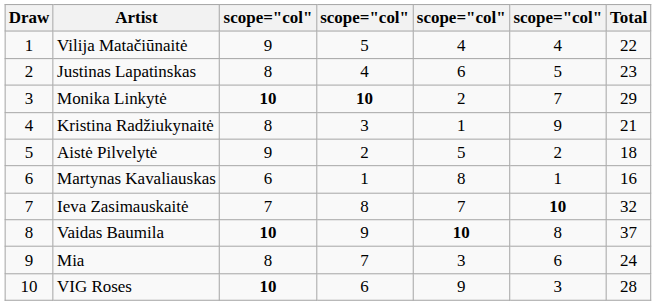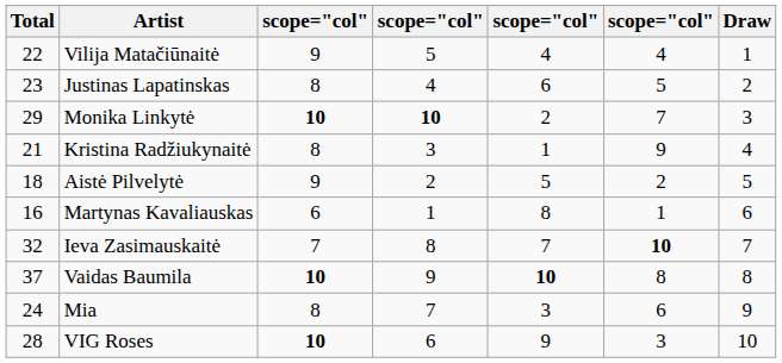 <table class="wikitable collapsible" style="margin: 1em auto 1em auto; text-align:center;">
 <tr>
-<th>Draw</th>
+<th>Total</th>
 <th>Artist</th>
 <th>scope="col" </th>
 <th>scope="col" </th>
 <th>scope="col" </th>
 <th>scope="col" </th>
-<th>Total</th>
+<th>Draw</th>
 </tr>
 <tr>
-<td>1</td>
+<td>22</td>
 <td align="left">Vilija Matačiūnaitė</td>
 <td>9</td>
 <td>5</td>
 <td>4</td>
 <td>4</td>
-<td>22</td>
+<td>1</td>
 </tr>
 <tr>
-<td>2</td>
+<td>23</td>
 <td align="left">Justinas Lapatinskas</td>
 <td>8</td>
 <td>4</td>
 <td>6</td>
 <td>5</td>
-<td>23</td>
+<td>2</td>
 </tr>
 <tr>
-<td>3</td>
+<td>29</td>
 <td align="left">Monika Linkytė</td>
 <td><strong>10</strong></td>
 <td><strong>10</strong></td>
 <td>2</td>
 <td>7</td>
-<td>29</td>
+<td>3</td>
 </tr>
 <tr>
-<td>4</td>
+<td>21</td>
 <td align="left">Kristina Radžiukynaitė</td>
 <td>8</td>
 <td>3</td>
 <td>1</td>
 <td>9</td>
-<td>21</td>
+<td>4</td>
 </tr>
 <tr>
-<td>5</td>
+<td>18</td>
 <td align="left">Aistė Pilvelytė</td>
 <td>9</td>
 <td>2</td>
 <td>5</td>
 <td>2</td>
-<td>18</td>
+<td>5</td>
 </tr>
 <tr>
-<td>6</td>
+<td>16</td>
 <td align="left">Martynas Kavaliauskas</td>
 <td>6</td>
 <td>1</td>
 <td>8</td>
 <td>1</td>
-<td>16</td>
+<td>6</td>
 </tr>
 <tr>
-<td>7</td>
+<td>32</td>
 <td align="left">Ieva Zasimauskaitė</td>
 <td>7</td>
 <td>8</td>
 <td>7</td>
 <td><strong>10</strong></td>
-<td>32</td>
+<td>7</td>
 </tr>
 <tr>
-<td>8</td>
+<td>37</td>
 <td align="left">Vaidas Baumila</td>
 <td><strong>10</strong></td>
 <td>9</td>
 <td><strong>10</strong></td>
 <td>8</td>
-<td>37</td>
+<td>8</td>
 </tr>
 <tr>
-<td>9</td>
+<td>24</td>
 <td align="left">Mia</td>
 <td>8</td>
 <td>7</td>
 <td>3</td>
 <td>6</td>
-<td>24</td>
+<td>9</td>
 </tr>
 <tr>
-<td>10</td>
+<td>28</td>
 <td align="left">VIG Roses</td>
 <td><strong>10</strong></td>
 <td>6</td>
 <td>9</td>
 <td>3</td>
-<td>28</td>
+<td>10</td>
 </tr>
 </table>
